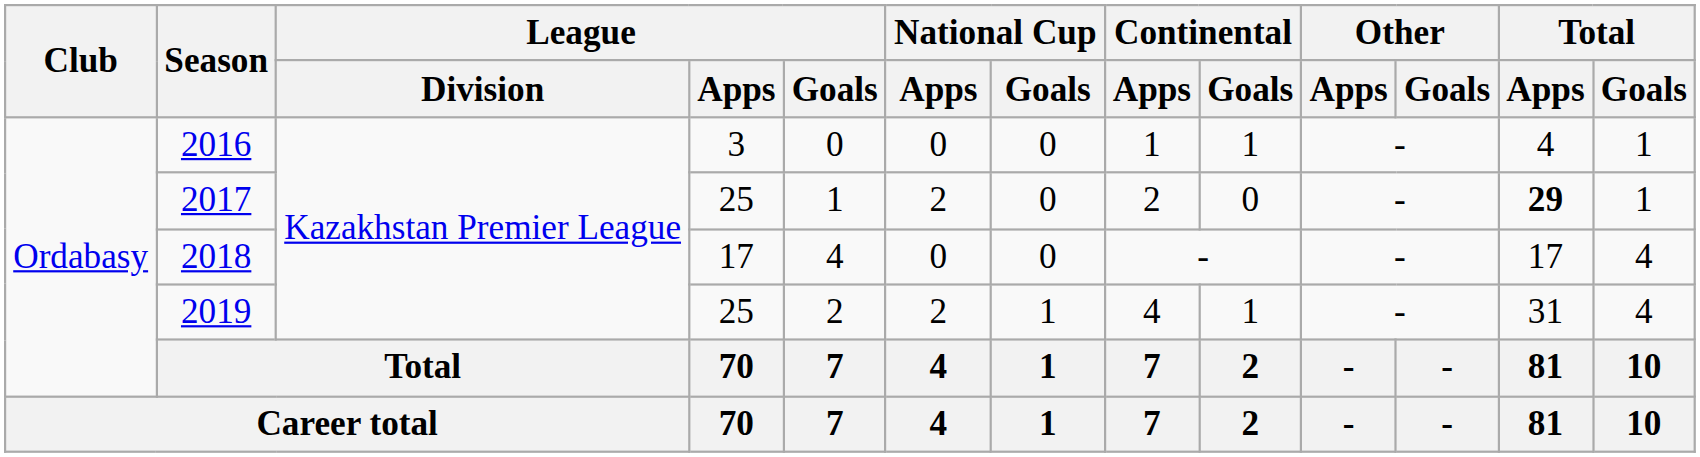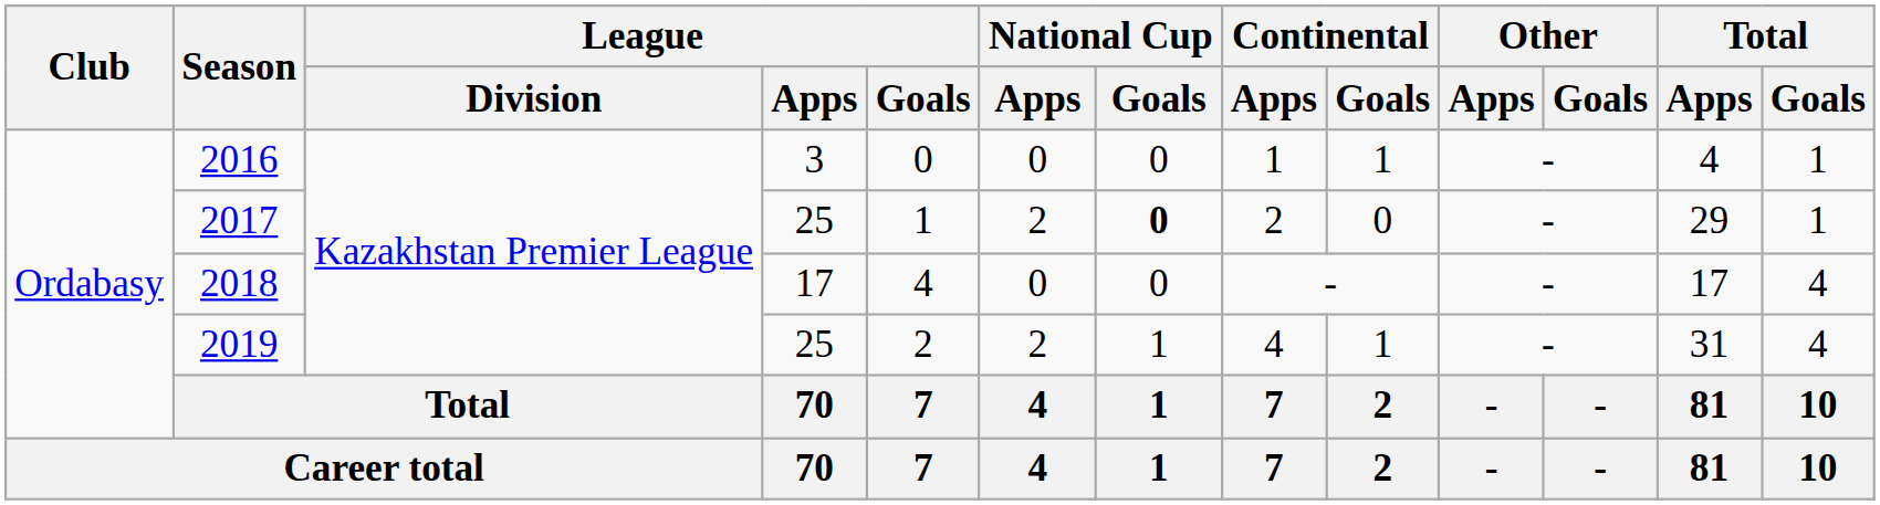 <table class="wikitable" style="text-align: center">
 <tr>
 <th rowspan="2">Club</th>
 <th rowspan="2">Season</th>
 <th colspan="3">League</th>
 <th colspan="2">National Cup</th>
 <th colspan="2">Continental</th>
 <th colspan="2">Other</th>
 <th colspan="2">Total</th>
 </tr>
 <tr>
 <th>Division</th>
 <th>Apps</th>
 <th>Goals</th>
 <th>Apps</th>
 <th>Goals</th>
 <th>Apps</th>
 <th>Goals</th>
 <th>Apps</th>
 <th>Goals</th>
 <th>Apps</th>
 <th>Goals</th>
 </tr>
 <tr>
 <td rowspan="5"><a href='#'>Ordabasy</a></td>
 <td><a href='#'>2016</a></td>
 <td rowspan="4"><a href='#'>Kazakhstan Premier League</a></td>
 <td>3</td>
 <td>0</td>
 <td>0</td>
 <td>0</td>
 <td>1</td>
 <td>1</td>
 <td colspan="2">-</td>
 <td>4</td>
 <td>1</td>
 </tr>
 <tr>
 <td><a href='#'>2017</a></td>
 <td>25</td>
 <td>1</td>
 <td>2</td>
-<td>0</td>
+<td><strong>0</strong></td>
 <td>2</td>
 <td>0</td>
 <td colspan="2">-</td>
-<td><strong>29</strong></td>
+<td>29</td>
 <td>1</td>
 </tr>
 <tr>
 <td><a href='#'>2018</a></td>
 <td>17</td>
 <td>4</td>
 <td>0</td>
 <td>0</td>
 <td colspan="2">-</td>
 <td colspan="2">-</td>
 <td>17</td>
 <td>4</td>
 </tr>
 <tr>
 <td><a href='#'>2019</a></td>
 <td>25</td>
 <td>2</td>
 <td>2</td>
 <td>1</td>
 <td>4</td>
 <td>1</td>
 <td colspan="2">-</td>
 <td>31</td>
 <td>4</td>
 </tr>
 <tr>
 <th colspan="2">Total</th>
 <th>70</th>
 <th>7</th>
 <th>4</th>
 <th>1</th>
 <th>7</th>
 <th>2</th>
 <th>-</th>
 <th>-</th>
 <th>81</th>
 <th>10</th>
 </tr>
 <tr>
 <th colspan="3">Career total</th>
 <th>70</th>
 <th>7</th>
 <th>4</th>
 <th>1</th>
 <th>7</th>
 <th>2</th>
 <th>-</th>
 <th>-</th>
 <th>81</th>
 <th>10</th>
 </tr>
 </table>
